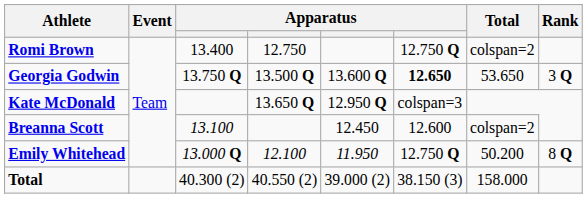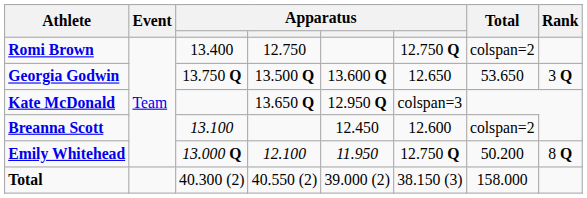 <table class=wikitable style=font-size:90%;text-align:center>
 <tr>
 <th rowspan=2>Athlete</th>
 <th rowspan=2>Event</th>
 <th colspan=4>Apparatus</th>
 <th rowspan=2>Total</th>
 <th rowspan=2>Rank</th>
 </tr>
 <tr style=font-size:95%>
 <th></th>
 <th></th>
 <th></th>
 <th></th>
 </tr>
 <tr>
 <td align=left><strong><a href='#'>Romi Brown</a></strong></td>
 <td align=left rowspan=5><a href='#'>Team</a></td>
 <td>13.400</td>
 <td>12.750</td>
 <td></td>
 <td>12.750 <strong>Q</strong></td>
 <td>colspan=2 </td>
 </tr>
 <tr>
 <td align=left><strong><a href='#'>Georgia Godwin</a></strong></td>
 <td>13.750 <strong>Q</strong></td>
 <td>13.500 <strong>Q</strong></td>
 <td>13.600 <strong>Q</strong></td>
-<td><strong>12.650</strong></td>
+<td>12.650</td>
 <td>53.650</td>
 <td>3 <strong>Q</strong></td>
 </tr>
 <tr>
 <td align=left><strong><a href='#'>Kate McDonald</a></strong></td>
 <td></td>
 <td>13.650 <strong>Q</strong></td>
 <td>12.950 <strong>Q</strong></td>
 <td>colspan=3 </td>
 </tr>
 <tr>
 <td align=left><strong><a href='#'>Breanna Scott</a></strong></td>
 <td><em>13.100</em></td>
 <td></td>
 <td>12.450</td>
 <td>12.600</td>
 <td>colspan=2 </td>
 </tr>
 <tr>
 <td align=left><strong><a href='#'>Emily Whitehead</a></strong></td>
 <td><em>13.000</em> <strong>Q</strong></td>
 <td><em>12.100</em></td>
 <td><em>11.950</em></td>
 <td>12.750 <strong>Q</strong></td>
 <td>50.200</td>
 <td>8 <strong>Q</strong></td>
 </tr>
 <tr>
 <td align=left><strong>Total</strong></td>
 <td></td>
 <td>40.300 (2)</td>
 <td>40.550 (2)</td>
 <td>39.000 (2)</td>
 <td>38.150 (3)</td>
 <td>158.000</td>
 <td></td>
 </tr>
 </table>
